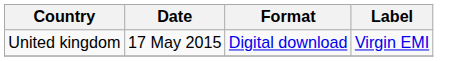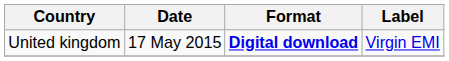 <table class="wikitable sortable plainrowheaders">
 <tr>
 <th scope="col">Country</th>
 <th scope="col">Date</th>
 <th scope="col">Format</th>
 <th scope="col">Label</th>
 </tr>
 <tr>
 <td>United kingdom</td>
 <td>17 May 2015</td>
-<td><a href='#'>Digital download</a></td>
+<td><strong><a href='#'>Digital download</a></strong></td>
 <td><a href='#'>Virgin EMI</a></td>
 </tr>
 <tr>
 </tr>
 </table>
